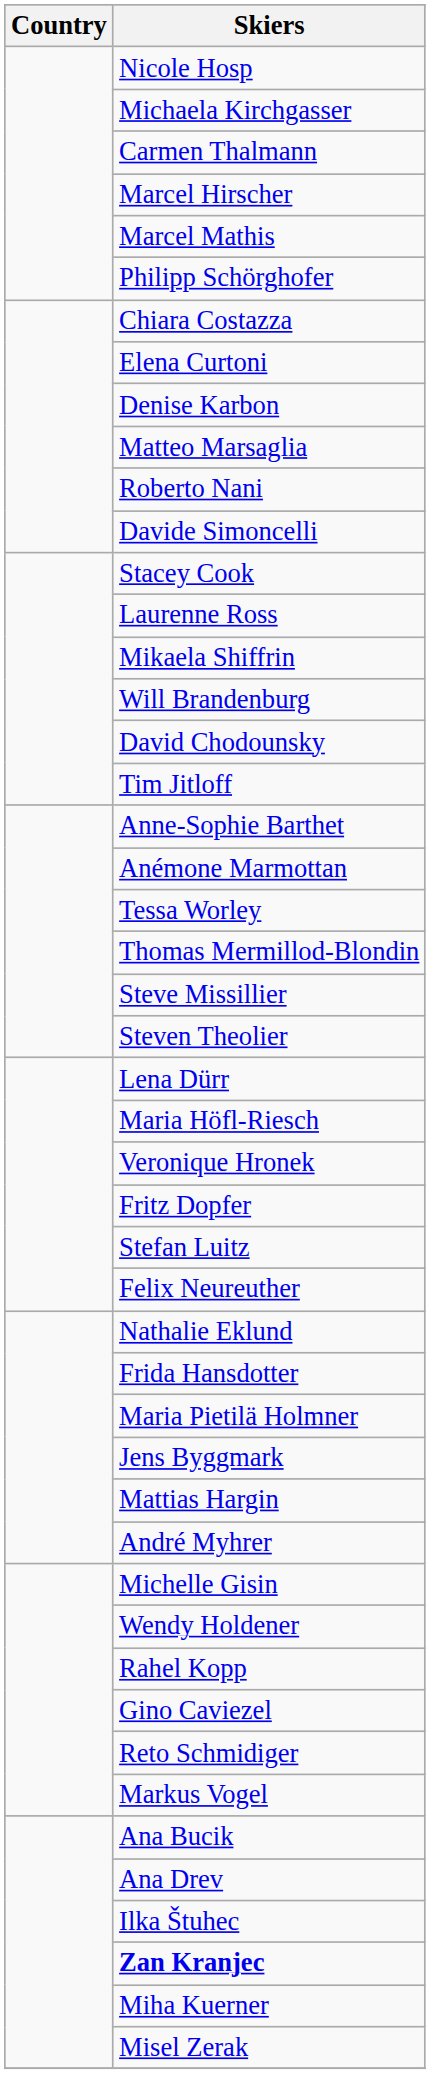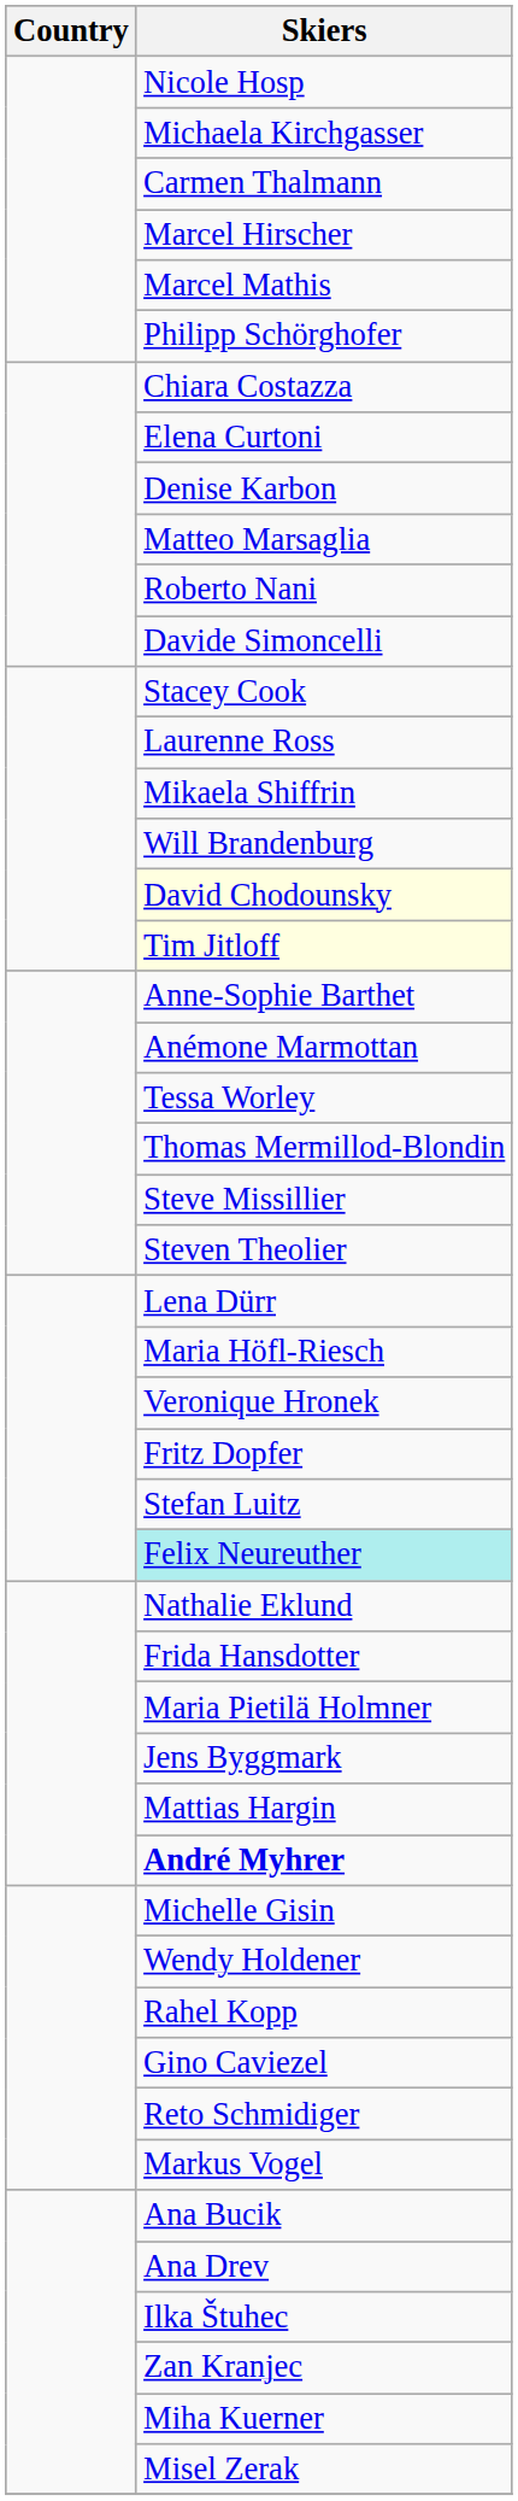 <table class="wikitable">
 <tr>
 <th>Country</th>
 <th>Skiers</th>
 </tr>
 <tr>
 <td rowspan=6></td>
 <td><a href='#'>Nicole Hosp</a></td>
 </tr>
 <tr>
 <td><a href='#'>Michaela Kirchgasser</a></td>
 </tr>
 <tr>
 <td><a href='#'>Carmen Thalmann</a></td>
 </tr>
 <tr>
 <td><a href='#'>Marcel Hirscher</a></td>
 </tr>
 <tr>
 <td><a href='#'>Marcel Mathis</a></td>
 </tr>
 <tr>
 <td><a href='#'>Philipp Schörghofer</a></td>
 </tr>
 <tr>
 <td rowspan=6></td>
 <td><a href='#'>Chiara Costazza</a></td>
 </tr>
 <tr>
 <td><a href='#'>Elena Curtoni</a></td>
 </tr>
 <tr>
 <td><a href='#'>Denise Karbon</a></td>
 </tr>
 <tr>
 <td><a href='#'>Matteo Marsaglia</a></td>
 </tr>
 <tr>
 <td><a href='#'>Roberto Nani</a></td>
 </tr>
 <tr>
 <td><a href='#'>Davide Simoncelli</a></td>
 </tr>
 <tr>
 <td rowspan=6></td>
 <td><a href='#'>Stacey Cook</a></td>
 </tr>
 <tr>
 <td><a href='#'>Laurenne Ross</a></td>
 </tr>
 <tr>
 <td><a href='#'>Mikaela Shiffrin</a></td>
 </tr>
 <tr>
 <td><a href='#'>Will Brandenburg</a></td>
 </tr>
 <tr>
-<td><a href='#'>David Chodounsky</a></td>
+<td style="background: lightyellow;"><a href='#'>David Chodounsky</a></td>
 </tr>
 <tr>
-<td><a href='#'>Tim Jitloff</a></td>
+<td style="background: lightyellow;"><a href='#'>Tim Jitloff</a></td>
 </tr>
 <tr>
 <td rowspan=6></td>
 <td><a href='#'>Anne-Sophie Barthet</a></td>
 </tr>
 <tr>
 <td><a href='#'>Anémone Marmottan</a></td>
 </tr>
 <tr>
 <td><a href='#'>Tessa Worley</a></td>
 </tr>
 <tr>
 <td><a href='#'>Thomas Mermillod-Blondin</a></td>
 </tr>
 <tr>
 <td><a href='#'>Steve Missillier</a></td>
 </tr>
 <tr>
 <td><a href='#'>Steven Theolier</a></td>
 </tr>
 <tr>
 <td rowspan=6></td>
 <td><a href='#'>Lena Dürr</a></td>
 </tr>
 <tr>
 <td><a href='#'>Maria Höfl-Riesch</a></td>
 </tr>
 <tr>
 <td><a href='#'>Veronique Hronek</a></td>
 </tr>
 <tr>
 <td><a href='#'>Fritz Dopfer</a></td>
 </tr>
 <tr>
 <td><a href='#'>Stefan Luitz</a></td>
 </tr>
 <tr>
-<td><a href='#'>Felix Neureuther</a></td>
+<td style="background: paleturquoise;"><a href='#'>Felix Neureuther</a></td>
 </tr>
 <tr>
 <td rowspan=6></td>
 <td><a href='#'>Nathalie Eklund</a></td>
 </tr>
 <tr>
 <td><a href='#'>Frida Hansdotter</a></td>
 </tr>
 <tr>
 <td><a href='#'>Maria Pietilä Holmner</a></td>
 </tr>
 <tr>
 <td><a href='#'>Jens Byggmark</a></td>
 </tr>
 <tr>
 <td><a href='#'>Mattias Hargin</a></td>
 </tr>
 <tr>
-<td><a href='#'>André Myhrer</a></td>
+<td><strong><a href='#'>André Myhrer</a></strong></td>
 </tr>
 <tr>
 <td rowspan=6></td>
 <td><a href='#'>Michelle Gisin</a></td>
 </tr>
 <tr>
 <td><a href='#'>Wendy Holdener</a></td>
 </tr>
 <tr>
 <td><a href='#'>Rahel Kopp</a></td>
 </tr>
 <tr>
 <td><a href='#'>Gino Caviezel</a></td>
 </tr>
 <tr>
 <td><a href='#'>Reto Schmidiger</a></td>
 </tr>
 <tr>
 <td><a href='#'>Markus Vogel</a></td>
 </tr>
 <tr>
 <td rowspan=6></td>
 <td><a href='#'>Ana Bucik</a></td>
 </tr>
 <tr>
 <td><a href='#'>Ana Drev</a></td>
 </tr>
 <tr>
 <td><a href='#'>Ilka Štuhec</a></td>
 </tr>
 <tr>
-<td><strong><a href='#'>Zan Kranjec</a></strong></td>
+<td><a href='#'>Zan Kranjec</a></td>
 </tr>
 <tr>
 <td><a href='#'>Miha Kuerner</a></td>
 </tr>
 <tr>
 <td><a href='#'>Misel Zerak</a></td>
 </tr>
 <tr>
 </tr>
 </table>
